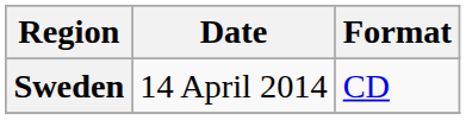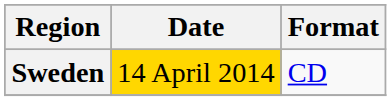 <table class="wikitable plainrowheaders">
 <tr>
 <th scope="col">Region</th>
 <th scope="col">Date</th>
 <th scope="col">Format</th>
 </tr>
 <tr>
 <th scope="row">Sweden</th>
-<td>14 April 2014</td>
+<td style="background: gold;">14 April 2014</td>
 <td><a href='#'>CD</a></td>
 </tr>
 <tr>
 </tr>
 </table>
